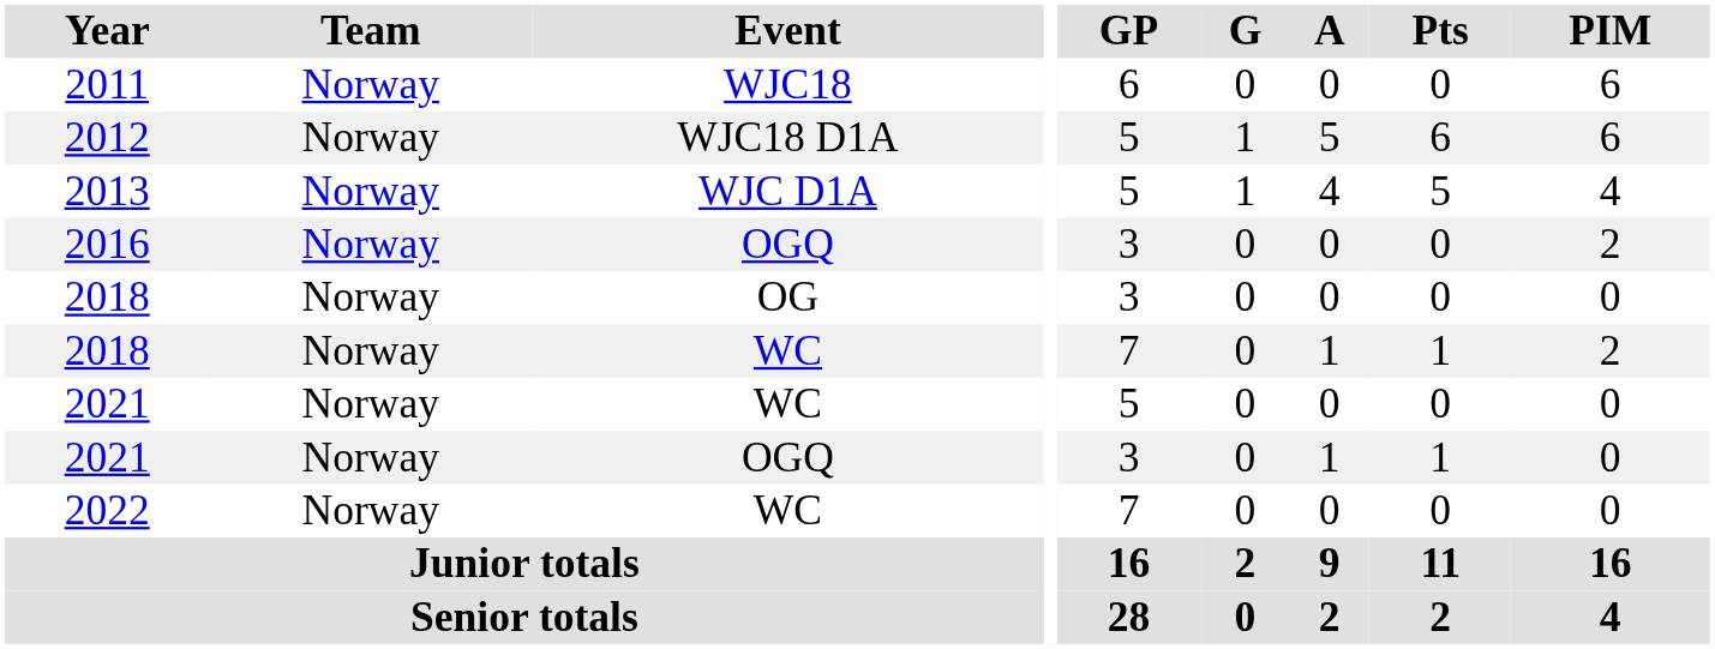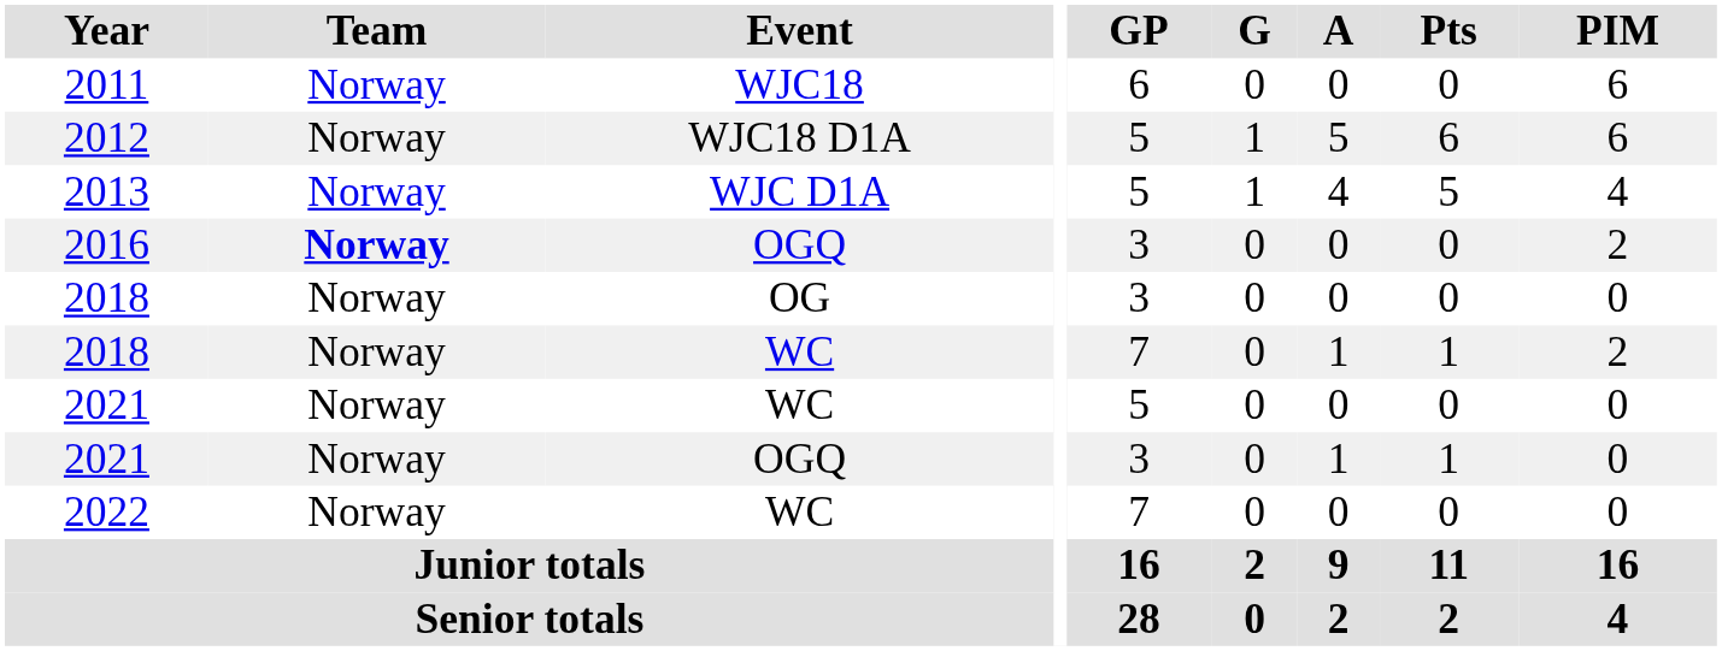 <table border="0" cellpadding="1" cellspacing="0" ID="Table3" style="text-align:center; width:40em">
 <tr ALIGN="center" bgcolor="#e0e0e0">
 <th>Year</th>
 <th>Team</th>
 <th>Event</th>
 <th rowspan="99" bgcolor="#ffffff"></th>
 <th>GP</th>
 <th>G</th>
 <th>A</th>
 <th>Pts</th>
 <th>PIM</th>
 </tr>
 <tr>
 <td><a href='#'>2011</a></td>
 <td><a href='#'>Norway</a></td>
 <td><a href='#'>WJC18</a></td>
 <td>6</td>
 <td>0</td>
 <td>0</td>
 <td>0</td>
 <td>6</td>
 </tr>
 <tr bgcolor="#f0f0f0">
 <td><a href='#'>2012</a></td>
 <td>Norway</td>
 <td>WJC18 D1A</td>
 <td>5</td>
 <td>1</td>
 <td>5</td>
 <td>6</td>
 <td>6</td>
 </tr>
 <tr>
 <td><a href='#'>2013</a></td>
 <td><a href='#'>Norway</a></td>
 <td><a href='#'>WJC D1A</a></td>
 <td>5</td>
 <td>1</td>
 <td>4</td>
 <td>5</td>
 <td>4</td>
 </tr>
 <tr bgcolor="#f0f0f0">
 <td><a href='#'>2016</a></td>
-<td><a href='#'>Norway</a></td>
+<td><strong><a href='#'>Norway</a></strong></td>
 <td><a href='#'>OGQ</a></td>
 <td>3</td>
 <td>0</td>
 <td>0</td>
 <td>0</td>
 <td>2</td>
 </tr>
 <tr>
 <td><a href='#'>2018</a></td>
 <td>Norway</td>
 <td>OG</td>
 <td>3</td>
 <td>0</td>
 <td>0</td>
 <td>0</td>
 <td>0</td>
 </tr>
 <tr bgcolor="#f0f0f0">
 <td><a href='#'>2018</a></td>
 <td>Norway</td>
 <td><a href='#'>WC</a></td>
 <td>7</td>
 <td>0</td>
 <td>1</td>
 <td>1</td>
 <td>2</td>
 </tr>
 <tr>
 <td><a href='#'>2021</a></td>
 <td>Norway</td>
 <td>WC</td>
 <td>5</td>
 <td>0</td>
 <td>0</td>
 <td>0</td>
 <td>0</td>
 </tr>
 <tr bgcolor="#f0f0f0">
 <td><a href='#'>2021</a></td>
 <td>Norway</td>
 <td>OGQ</td>
 <td>3</td>
 <td>0</td>
 <td>1</td>
 <td>1</td>
 <td>0</td>
 </tr>
 <tr>
 <td><a href='#'>2022</a></td>
 <td>Norway</td>
 <td>WC</td>
 <td>7</td>
 <td>0</td>
 <td>0</td>
 <td>0</td>
 <td>0</td>
 </tr>
 <tr bgcolor="#e0e0e0">
 <th colspan="3">Junior totals</th>
 <th>16</th>
 <th>2</th>
 <th>9</th>
 <th>11</th>
 <th>16</th>
 </tr>
 <tr bgcolor="#e0e0e0">
 <th colspan="3">Senior totals</th>
 <th>28</th>
 <th>0</th>
 <th>2</th>
 <th>2</th>
 <th>4</th>
 </tr>
 </table>
